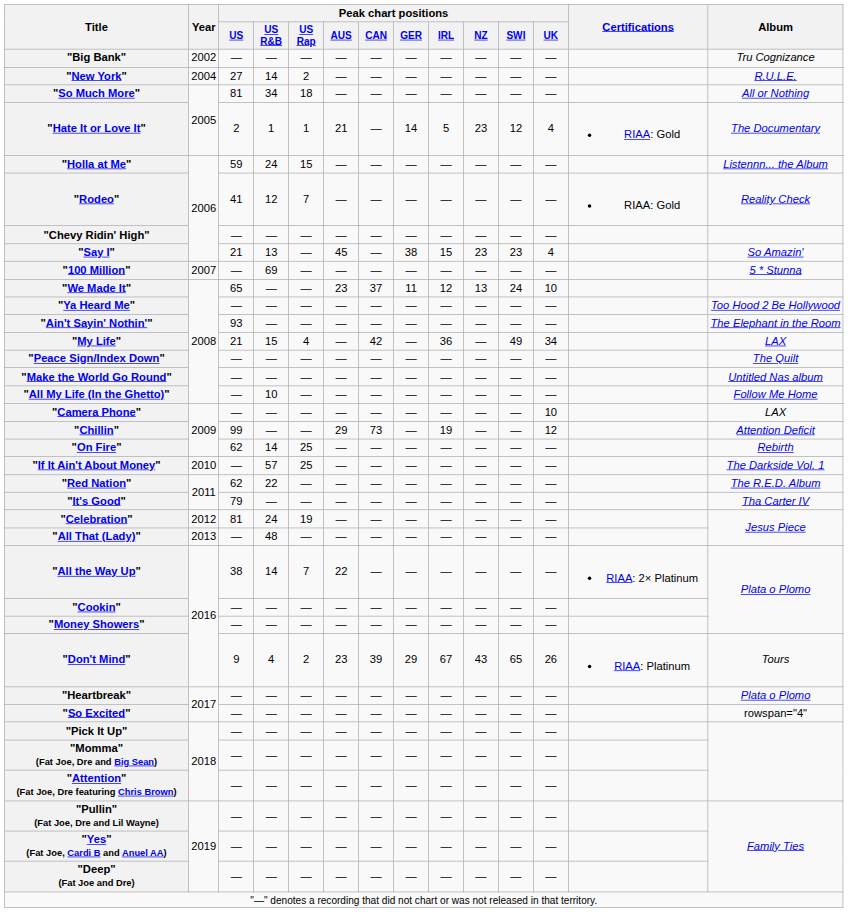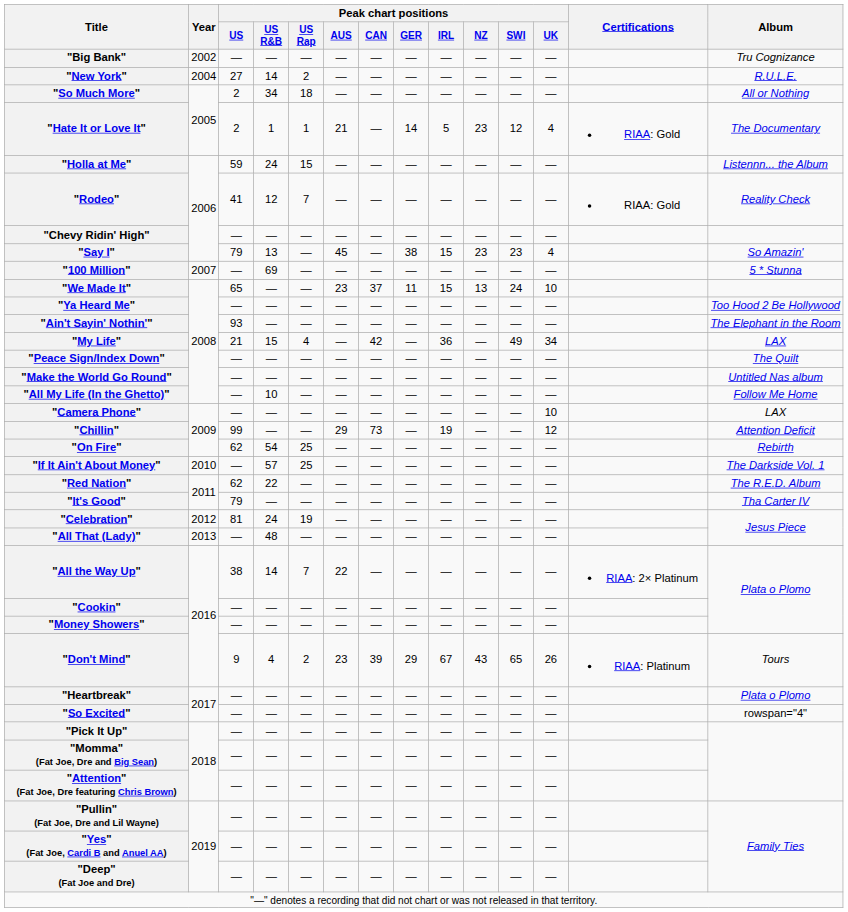 <table class="wikitable plainrowheaders" style="text-align:center;">
 <tr>
 <th scope="col" rowspan="2" style="width:16em;">Title</th>
 <th scope="col" rowspan="2">Year</th>
 <th scope="col" colspan="10">Peak chart positions</th>
 <th scope="col" rowspan="2" style="width:12em;"><a href='#'>Certifications</a></th>
 <th scope="col" rowspan="2">Album</th>
 </tr>
 <tr>
 <th scope="col" style="width:3em;font-size:90%;"><a href='#'>US</a><br></th>
 <th scope="col" style="width:3em;font-size:90%;"><a href='#'>US<br>R&B</a><br></th>
 <th scope="col" style="width:3em;font-size:90%;"><a href='#'>US<br>Rap</a><br></th>
 <th scope="col" style="width:3em;font-size:90%;"><a href='#'>AUS</a><br></th>
 <th scope="col" style="width:3em;font-size:90%;"><a href='#'>CAN</a><br></th>
 <th scope="col" style="width:3em;font-size:90%;"><a href='#'>GER</a><br></th>
 <th scope="col" style="width:3em;font-size:90%;"><a href='#'>IRL</a><br></th>
 <th scope="col" style="width:3em;font-size:90%;"><a href='#'>NZ</a><br></th>
 <th scope="col" style="width:3em;font-size:90%;"><a href='#'>SWI</a><br></th>
 <th scope="col" style="width:3em;font-size:90%;"><a href='#'>UK</a><br></th>
 </tr>
 <tr>
 <th scope="row">"Big Bank"<br></th>
 <td rowspan="1">2002</td>
 <td>—</td>
 <td>—</td>
 <td>—</td>
 <td>—</td>
 <td>—</td>
 <td>—</td>
 <td>—</td>
 <td>—</td>
 <td>—</td>
 <td>—</td>
 <td></td>
 <td><em>Tru Cognizance</em></td>
 </tr>
 <tr>
 <th scope="row">"<a href='#'>New York</a>"<br></th>
 <td rowspan="1">2004</td>
 <td>27</td>
 <td>14</td>
 <td>2</td>
 <td>—</td>
 <td>—</td>
 <td>—</td>
 <td>—</td>
 <td>—</td>
 <td>—</td>
 <td>—</td>
 <td></td>
 <td><em><a href='#'>R.U.L.E.</a></em></td>
 </tr>
 <tr>
 <th scope="row">"<a href='#'>So Much More</a>"<br></th>
 <td rowspan="2">2005</td>
-<td>81</td>
+<td>2</td>
 <td>34</td>
 <td>18</td>
 <td>—</td>
 <td>—</td>
 <td>—</td>
 <td>—</td>
 <td>—</td>
 <td>—</td>
 <td>—</td>
 <td></td>
 <td><em><a href='#'>All or Nothing</a></em></td>
 </tr>
 <tr>
 <th scope="row">"<a href='#'>Hate It or Love It</a>"<br></th>
 <td>2</td>
 <td>1</td>
 <td>1</td>
 <td>21</td>
 <td>—</td>
 <td>14</td>
 <td>5</td>
 <td>23</td>
 <td>12</td>
 <td>4</td>
 <td><br><ul><li><a href='#'>RIAA</a>: Gold</li></ul></td>
 <td><em><a href='#'>The Documentary</a></em></td>
 </tr>
 <tr>
 <th scope="row">"<a href='#'>Holla at Me</a>"<br></th>
 <td rowspan="4">2006</td>
 <td>59</td>
 <td>24</td>
 <td>15</td>
 <td>—</td>
 <td>—</td>
 <td>—</td>
 <td>—</td>
 <td>—</td>
 <td>—</td>
 <td>—</td>
 <td></td>
 <td><em><a href='#'>Listennn... the Album</a></em></td>
 </tr>
 <tr>
 <th scope="row">"<a href='#'>Rodeo</a>"<br></th>
 <td>41</td>
 <td>12</td>
 <td>7</td>
 <td>—</td>
 <td>—</td>
 <td>—</td>
 <td>—</td>
 <td>—</td>
 <td>—</td>
 <td>—</td>
 <td><br><ul><li>RIAA: Gold</li></ul></td>
 <td><em><a href='#'>Reality Check</a></em></td>
 </tr>
 <tr>
 <th scope="row">"Chevy Ridin' High"<br></th>
 <td>—</td>
 <td>—</td>
 <td>—</td>
 <td>—</td>
 <td>—</td>
 <td>—</td>
 <td>—</td>
 <td>—</td>
 <td>—</td>
 <td>—</td>
 <td></td>
 <td></td>
 </tr>
 <tr>
 <th scope="row">"<a href='#'>Say I</a>"<br></th>
-<td>21</td>
+<td>79</td>
 <td>13</td>
 <td>—</td>
 <td>45</td>
 <td>—</td>
 <td>38</td>
 <td>15</td>
 <td>23</td>
 <td>23</td>
 <td>4</td>
 <td></td>
 <td><em><a href='#'>So Amazin'</a></em></td>
 </tr>
 <tr>
 <th scope="row">"<a href='#'>100 Million</a>"<br></th>
 <td rowspan="1">2007</td>
 <td>—</td>
 <td>69</td>
 <td>—</td>
 <td>—</td>
 <td>—</td>
 <td>—</td>
 <td>—</td>
 <td>—</td>
 <td>—</td>
 <td>—</td>
 <td></td>
 <td><em><a href='#'>5 * Stunna</a></em></td>
 </tr>
 <tr>
 <th scope="row">"<a href='#'>We Made It</a>"<br></th>
 <td rowspan="7">2008</td>
 <td>65</td>
 <td>—</td>
 <td>—</td>
 <td>23</td>
 <td>37</td>
 <td>11</td>
-<td>12</td>
+<td>15</td>
 <td>13</td>
 <td>24</td>
 <td>10</td>
 <td></td>
 <td></td>
 </tr>
 <tr>
 <th scope="row">"<a href='#'>Ya Heard Me</a>"<br></th>
 <td>—</td>
 <td>—</td>
 <td>—</td>
 <td>—</td>
 <td>—</td>
 <td>—</td>
 <td>—</td>
 <td>—</td>
 <td>—</td>
 <td>—</td>
 <td></td>
 <td><em><a href='#'>Too Hood 2 Be Hollywood</a></em></td>
 </tr>
 <tr>
 <th scope="row">"<a href='#'>Ain't Sayin' Nothin'</a>"<br></th>
 <td>93</td>
 <td>—</td>
 <td>—</td>
 <td>—</td>
 <td>—</td>
 <td>—</td>
 <td>—</td>
 <td>—</td>
 <td>—</td>
 <td>—</td>
 <td></td>
 <td><em><a href='#'>The Elephant in the Room</a></em></td>
 </tr>
 <tr>
 <th scope="row">"<a href='#'>My Life</a>"<br></th>
 <td>21</td>
 <td>15</td>
 <td>4</td>
 <td>—</td>
 <td>42</td>
 <td>—</td>
 <td>36</td>
 <td>—</td>
 <td>49</td>
 <td>34</td>
 <td></td>
 <td><em><a href='#'>LAX</a></em></td>
 </tr>
 <tr>
 <th scope="row">"<a href='#'>Peace Sign/Index Down</a>"<br></th>
 <td>—</td>
 <td>—</td>
 <td>—</td>
 <td>—</td>
 <td>—</td>
 <td>—</td>
 <td>—</td>
 <td>—</td>
 <td>—</td>
 <td>—</td>
 <td></td>
 <td><em><a href='#'>The Quilt</a></em></td>
 </tr>
 <tr>
 <th scope="row">"<a href='#'>Make the World Go Round</a>"<br></th>
 <td>—</td>
 <td>—</td>
 <td>—</td>
 <td>—</td>
 <td>—</td>
 <td>—</td>
 <td>—</td>
 <td>—</td>
 <td>—</td>
 <td>—</td>
 <td></td>
 <td><em><a href='#'>Untitled Nas album</a></em></td>
 </tr>
 <tr>
 <th scope="row">"<a href='#'>All My Life (In the Ghetto)</a>"<br></th>
 <td>—</td>
 <td>10</td>
 <td>—</td>
 <td>—</td>
 <td>—</td>
 <td>—</td>
 <td>—</td>
 <td>—</td>
 <td>—</td>
 <td>—</td>
 <td></td>
 <td><em><a href='#'>Follow Me Home</a></em></td>
 </tr>
 <tr>
 <th scope="row">"<a href='#'>Camera Phone</a>"<br></th>
 <td rowspan="3">2009</td>
 <td>—</td>
 <td>—</td>
 <td>—</td>
 <td>—</td>
 <td>—</td>
 <td>—</td>
 <td>—</td>
 <td>—</td>
 <td>—</td>
 <td>10</td>
 <td></td>
 <td><em>LAX</em></td>
 </tr>
 <tr>
 <th scope="row">"<a href='#'>Chillin</a>"<br></th>
 <td>99</td>
 <td>—</td>
 <td>—</td>
 <td>29</td>
 <td>73</td>
 <td>—</td>
 <td>19</td>
 <td>—</td>
 <td>—</td>
 <td>12</td>
 <td></td>
 <td><em><a href='#'>Attention Deficit</a></em></td>
 </tr>
 <tr>
 <th scope="row">"<a href='#'>On Fire</a>"<br></th>
 <td>62</td>
-<td>14</td>
+<td>54</td>
 <td>25</td>
 <td>—</td>
 <td>—</td>
 <td>—</td>
 <td>—</td>
 <td>—</td>
 <td>—</td>
 <td>—</td>
 <td></td>
 <td><em><a href='#'>Rebirth</a></em></td>
 </tr>
 <tr>
 <th scope="row">"<a href='#'>If It Ain't About Money</a>"<br></th>
 <td rowspan="1">2010</td>
 <td>—</td>
 <td>57</td>
 <td>25</td>
 <td>—</td>
 <td>—</td>
 <td>—</td>
 <td>—</td>
 <td>—</td>
 <td>—</td>
 <td>—</td>
 <td></td>
 <td><em><a href='#'>The Darkside Vol. 1</a></em></td>
 </tr>
 <tr>
 <th scope="row">"<a href='#'>Red Nation</a>"<br></th>
 <td rowspan="2">2011</td>
 <td>62</td>
 <td>22</td>
 <td>—</td>
 <td>—</td>
 <td>—</td>
 <td>—</td>
 <td>—</td>
 <td>—</td>
 <td>—</td>
 <td>—</td>
 <td></td>
 <td><em><a href='#'>The R.E.D. Album</a></em></td>
 </tr>
 <tr>
 <th scope="row">"<a href='#'>It's Good</a>"<br></th>
 <td>79</td>
 <td>—</td>
 <td>—</td>
 <td>—</td>
 <td>—</td>
 <td>—</td>
 <td>—</td>
 <td>—</td>
 <td>—</td>
 <td>—</td>
 <td></td>
 <td><em><a href='#'>Tha Carter IV</a></em></td>
 </tr>
 <tr>
 <th scope="row">"<a href='#'>Celebration</a>"<br></th>
 <td rowspan="1">2012</td>
 <td>81</td>
 <td>24</td>
 <td>19</td>
 <td>—</td>
 <td>—</td>
 <td>—</td>
 <td>—</td>
 <td>—</td>
 <td>—</td>
 <td>—</td>
 <td></td>
 <td rowspan="2"><em><a href='#'>Jesus Piece</a></em></td>
 </tr>
 <tr>
 <th scope="row">"<a href='#'>All That (Lady)</a>"<br></th>
 <td rowspan="1">2013</td>
 <td>—</td>
 <td>48</td>
 <td>—</td>
 <td>—</td>
 <td>—</td>
 <td>—</td>
 <td>—</td>
 <td>—</td>
 <td>—</td>
 <td>—</td>
 <td></td>
 </tr>
 <tr>
 <th scope="row">"<a href='#'>All the Way Up</a>"<br></th>
 <td rowspan="4">2016</td>
 <td>38</td>
 <td>14</td>
 <td>7</td>
 <td>22</td>
 <td>—</td>
 <td>—</td>
 <td>—</td>
 <td>—</td>
 <td>—</td>
 <td>—</td>
 <td><br><ul><li><a href='#'>RIAA</a>: 2× Platinum</li></ul></td>
 <td rowspan="3"><em><a href='#'>Plata o Plomo</a></em></td>
 </tr>
 <tr>
 <th scope="row">"<a href='#'>Cookin</a>"<br></th>
 <td>—</td>
 <td>—</td>
 <td>—</td>
 <td>—</td>
 <td>—</td>
 <td>—</td>
 <td>—</td>
 <td>—</td>
 <td>—</td>
 <td>—</td>
 <td></td>
 </tr>
 <tr>
 <th scope="row">"<a href='#'>Money Showers</a>"<br></th>
 <td>—</td>
 <td>—</td>
 <td>—</td>
 <td>—</td>
 <td>—</td>
 <td>—</td>
 <td>—</td>
 <td>—</td>
 <td>—</td>
 <td>—</td>
 <td></td>
 </tr>
 <tr>
 <th scope="row">"<a href='#'>Don't Mind</a>"<br></th>
 <td>9</td>
 <td>4</td>
 <td>2</td>
 <td>23</td>
 <td>39</td>
 <td>29</td>
 <td>67</td>
 <td>43</td>
 <td>65</td>
 <td>26</td>
 <td><br><ul><li><a href='#'>RIAA</a>: Platinum</li></ul></td>
 <td><em>Tours</em></td>
 </tr>
 <tr>
 <th scope="row">"Heartbreak"<br></th>
 <td rowspan="2">2017</td>
 <td>—</td>
 <td>—</td>
 <td>—</td>
 <td>—</td>
 <td>—</td>
 <td>—</td>
 <td>—</td>
 <td>—</td>
 <td>—</td>
 <td>—</td>
 <td></td>
 <td><em><a href='#'>Plata o Plomo</a></em></td>
 </tr>
 <tr>
 <th scope="row">"<a href='#'>So Excited</a>"<br></th>
 <td>—</td>
 <td>—</td>
 <td>—</td>
 <td>—</td>
 <td>—</td>
 <td>—</td>
 <td>—</td>
 <td>—</td>
 <td>—</td>
 <td>—</td>
 <td></td>
 <td>rowspan="4" </td>
 </tr>
 <tr>
 <th scope="row">"Pick It Up"<br></th>
 <td rowspan="3">2018</td>
 <td>—</td>
 <td>—</td>
 <td>—</td>
 <td>—</td>
 <td>—</td>
 <td>—</td>
 <td>—</td>
 <td>—</td>
 <td>—</td>
 <td>—</td>
 <td></td>
 </tr>
 <tr>
 <th scope="row">"Momma"<br><small>(Fat Joe, Dre and <a href='#'>Big Sean</a>)</small></th>
 <td>—</td>
 <td>—</td>
 <td>—</td>
 <td>—</td>
 <td>—</td>
 <td>—</td>
 <td>—</td>
 <td>—</td>
 <td>—</td>
 <td>—</td>
 <td></td>
 </tr>
 <tr>
 <th scope="row">"<a href='#'>Attention</a>"<br><small>(Fat Joe, Dre featuring <a href='#'>Chris Brown</a>)</small></th>
 <td>—</td>
 <td>—</td>
 <td>—</td>
 <td>—</td>
 <td>—</td>
 <td>—</td>
 <td>—</td>
 <td>—</td>
 <td>—</td>
 <td>—</td>
 <td></td>
 </tr>
 <tr>
 <th scope="row">"Pullin"<br><small>(Fat Joe, Dre and Lil Wayne)</small></th>
 <td rowspan="3">2019</td>
 <td>—</td>
 <td>—</td>
 <td>—</td>
 <td>—</td>
 <td>—</td>
 <td>—</td>
 <td>—</td>
 <td>—</td>
 <td>—</td>
 <td>—</td>
 <td></td>
 <td rowspan="3"><em><a href='#'>Family Ties</a></em></td>
 </tr>
 <tr>
 <th scope="row">"<a href='#'>Yes</a>"<br><small>(Fat Joe, <a href='#'>Cardi B</a> and <a href='#'>Anuel AA</a>)</small></th>
 <td>—</td>
 <td>—</td>
 <td>—</td>
 <td>—</td>
 <td>—</td>
 <td>—</td>
 <td>—</td>
 <td>—</td>
 <td>—</td>
 <td>—</td>
 <td></td>
 </tr>
 <tr>
 <th scope="row">"Deep"<br><small>(Fat Joe and Dre)</small></th>
 <td>—</td>
 <td>—</td>
 <td>—</td>
 <td>—</td>
 <td>—</td>
 <td>—</td>
 <td>—</td>
 <td>—</td>
 <td>—</td>
 <td>—</td>
 <td></td>
 </tr>
 <tr>
 <td colspan="14" style="font-size:90%">"—" denotes a recording that did not chart or was not released in that territory.</td>
 </tr>
 </table>
